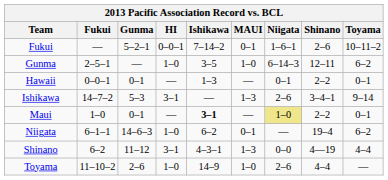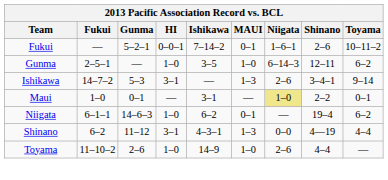 <table class="wikitable" style="font-size:95%; text-align:center;">
 <tr>
 <th colspan=9>2013 Pacific Association Record vs. BCL</th>
 </tr>
 <tr>
 <th style="width:100px;">Team</th>
 <th>Fukui</th>
 <th>Gunma</th>
 <th>HI</th>
 <th>Ishikawa</th>
 <th>MAUI</th>
 <th>Niigata</th>
 <th>Shinano</th>
 <th>Toyama</th>
 </tr>
 <tr>
 <td><a href='#'>Fukui</a></td>
 <td>—</td>
 <td>5–2–1</td>
 <td>0–0–1</td>
 <td>7–14–2</td>
 <td>0–1</td>
 <td>1–6–1</td>
 <td>2–6</td>
 <td>10–11–2</td>
 </tr>
 <tr>
 <td><a href='#'>Gunma</a></td>
 <td>2–5–1</td>
 <td>—</td>
 <td>1–0</td>
 <td>3–5</td>
 <td>1–0</td>
 <td>6–14–3</td>
 <td>12–11</td>
 <td>6–2</td>
 </tr>
 <tr>
-<td><a href='#'>Hawaii</a></td>
-<td>0–0–1</td>
-<td>0–1</td>
-<td>—</td>
-<td>1–3</td>
-<td>—</td>
-<td>0–1</td>
-<td>2–2</td>
-<td>0–1</td>
-</tr>
-<tr>
 <td><a href='#'>Ishikawa</a></td>
 <td>14–7–2</td>
 <td>5–3</td>
 <td>3–1</td>
 <td>—</td>
 <td>1–3</td>
 <td>2–6</td>
 <td>3–4–1</td>
 <td>9–14</td>
 </tr>
 <tr>
 <td><a href='#'>Maui</a></td>
 <td>1–0</td>
 <td>0–1</td>
 <td>—</td>
-<td><strong>3–1</strong></td>
+<td>3–1</td>
 <td>—</td>
 <td style="background: khaki;">1–0</td>
 <td>2–2</td>
 <td>0–1</td>
 </tr>
 <tr>
 <td><a href='#'>Niigata</a></td>
 <td>6–1–1</td>
 <td>14–6–3</td>
 <td>1–0</td>
 <td>6–2</td>
 <td>0–1</td>
 <td>—</td>
 <td>19–4</td>
 <td>6–2</td>
 </tr>
 <tr>
 <td><a href='#'>Shinano</a></td>
 <td>6–2</td>
 <td>11–12</td>
 <td>3–1</td>
 <td>4–3–1</td>
 <td>1–3</td>
 <td>0–0</td>
 <td>4—19</td>
 <td>4–4</td>
 </tr>
 <tr>
 <td><a href='#'>Toyama</a></td>
 <td>11–10–2</td>
 <td>2–6</td>
 <td>1–0</td>
 <td>14–9</td>
 <td>1–0</td>
 <td>2–6</td>
 <td>4–4</td>
 <td>—</td>
 </tr>
 </table>
